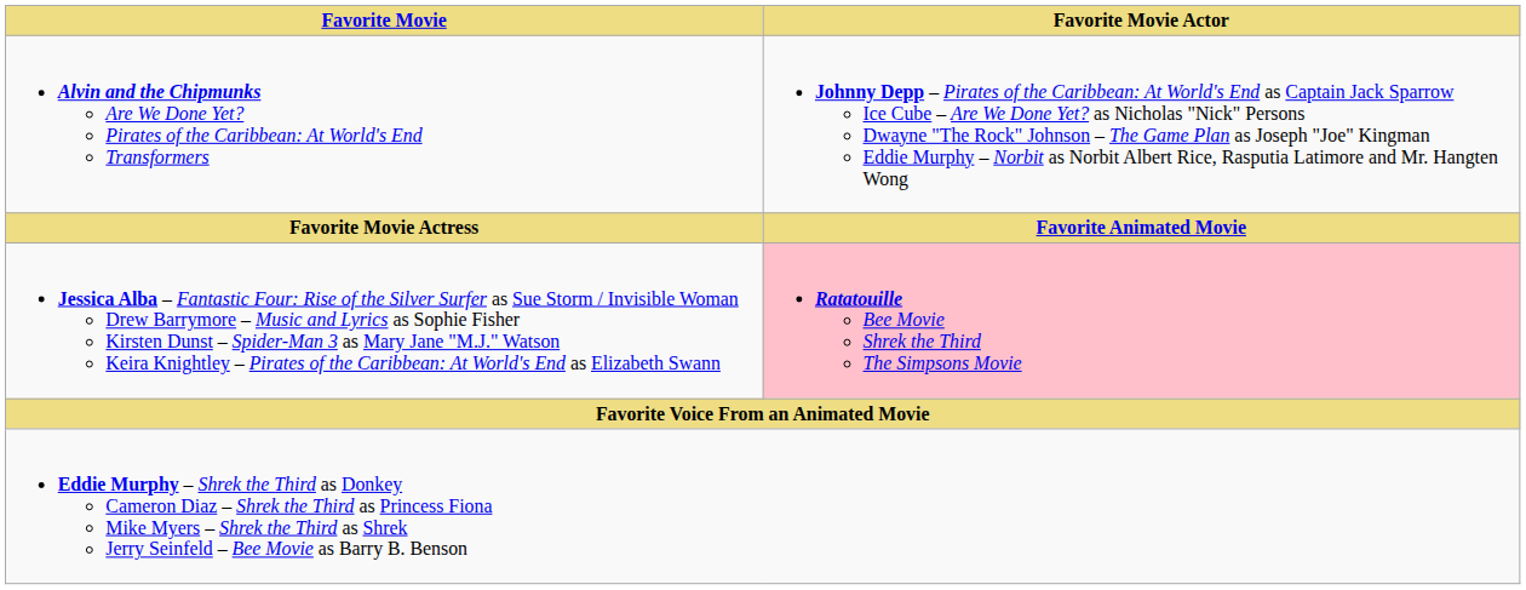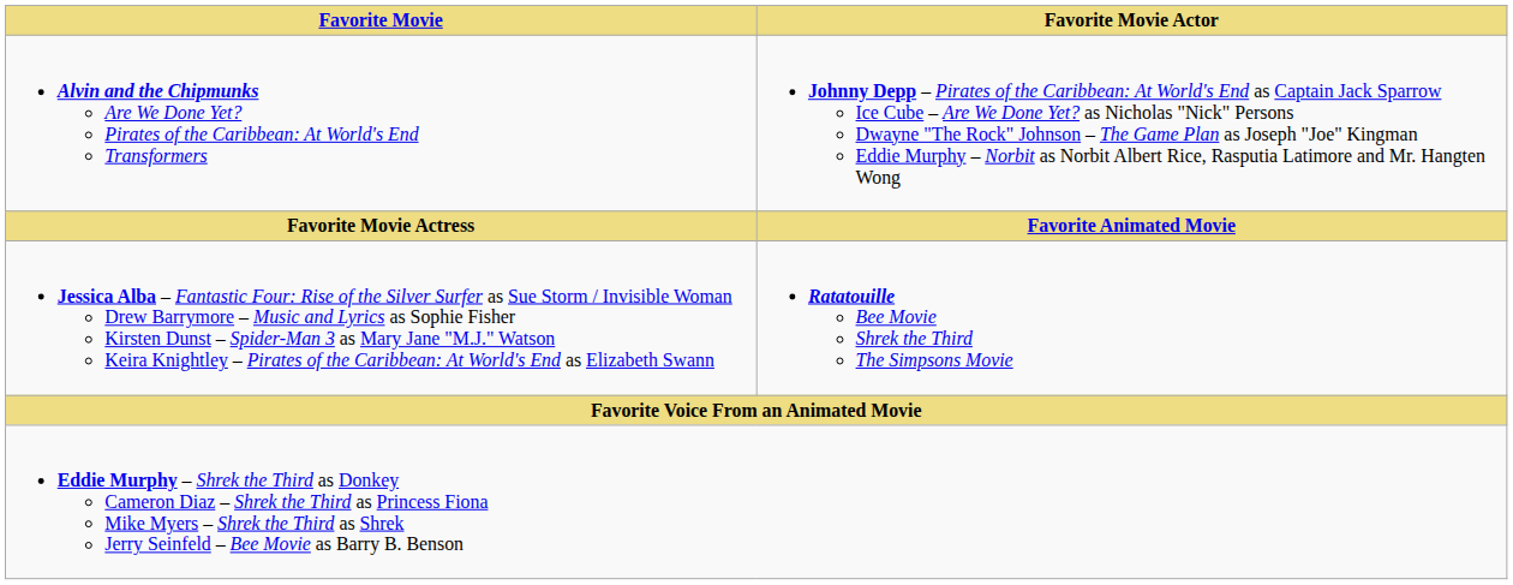 <table class="wikitable" style="width:100%;">
 <tr>
 <th style="background:#EEDD82; width:50%"><a href='#'>Favorite Movie</a></th>
 <th style="background:#EEDD82; width:50%">Favorite Movie Actor</th>
 </tr>
 <tr>
 <td valign="top"><br><ul><li><strong><em><a href='#'>Alvin and the Chipmunks</a></em></strong><ul><li><em><a href='#'>Are We Done Yet?</a></em></li><li><em><a href='#'>Pirates of the Caribbean: At World's End</a></em></li><li><em><a href='#'>Transformers</a></em></li></ul></li></ul></td>
 <td valign="top"><br><ul><li><strong><a href='#'>Johnny Depp</a></strong> – <em><a href='#'>Pirates of the Caribbean: At World's End</a></em> as <a href='#'>Captain Jack Sparrow</a><ul><li><a href='#'>Ice Cube</a> – <em><a href='#'>Are We Done Yet?</a></em> as Nicholas "Nick" Persons</li><li><a href='#'>Dwayne "The Rock" Johnson</a> – <em><a href='#'>The Game Plan</a></em> as Joseph "Joe" Kingman</li><li><a href='#'>Eddie Murphy</a> – <em><a href='#'>Norbit</a></em> as Norbit Albert Rice, Rasputia Latimore and Mr. Hangten Wong</li></ul></li></ul></td>
 </tr>
 <tr>
 <th style="background:#EEDD82; width:50%">Favorite Movie Actress</th>
 <th style="background:#EEDD82; width:50%"><a href='#'>Favorite Animated Movie</a></th>
 </tr>
 <tr>
 <td valign="top"><br><ul><li><strong><a href='#'>Jessica Alba</a></strong> – <em><a href='#'>Fantastic Four: Rise of the Silver Surfer</a></em> as <a href='#'>Sue Storm / Invisible Woman</a><ul><li><a href='#'>Drew Barrymore</a> – <em><a href='#'>Music and Lyrics</a></em> as Sophie Fisher</li><li><a href='#'>Kirsten Dunst</a> – <em><a href='#'>Spider-Man 3</a></em> as <a href='#'>Mary Jane "M.J." Watson</a></li><li><a href='#'>Keira Knightley</a> – <em><a href='#'>Pirates of the Caribbean: At World's End</a></em> as <a href='#'>Elizabeth Swann</a></li></ul></li></ul></td>
-<td valign="top" style="background: pink;"><br><ul><li><strong><em><a href='#'>Ratatouille</a></em></strong><ul><li><em><a href='#'>Bee Movie</a></em></li><li><em><a href='#'>Shrek the Third</a></em></li><li><em><a href='#'>The Simpsons Movie</a></em></li></ul></li></ul></td>
+<td valign="top"><br><ul><li><strong><em><a href='#'>Ratatouille</a></em></strong><ul><li><em><a href='#'>Bee Movie</a></em></li><li><em><a href='#'>Shrek the Third</a></em></li><li><em><a href='#'>The Simpsons Movie</a></em></li></ul></li></ul></td>
 </tr>
 <tr>
 <th style="background:#EEDD82;" colspan="2">Favorite Voice From an Animated Movie</th>
 </tr>
 <tr>
 <td colspan="2" valign="top"><br><ul><li><strong><a href='#'>Eddie Murphy</a></strong> – <em><a href='#'>Shrek the Third</a></em> as <a href='#'>Donkey</a><ul><li><a href='#'>Cameron Diaz</a> – <em><a href='#'>Shrek the Third</a></em> as <a href='#'>Princess Fiona</a></li><li><a href='#'>Mike Myers</a> – <em><a href='#'>Shrek the Third</a></em> as <a href='#'>Shrek</a></li><li><a href='#'>Jerry Seinfeld</a> – <em><a href='#'>Bee Movie</a></em> as Barry B. Benson</li></ul></li></ul></td>
 </tr>
 </table>
